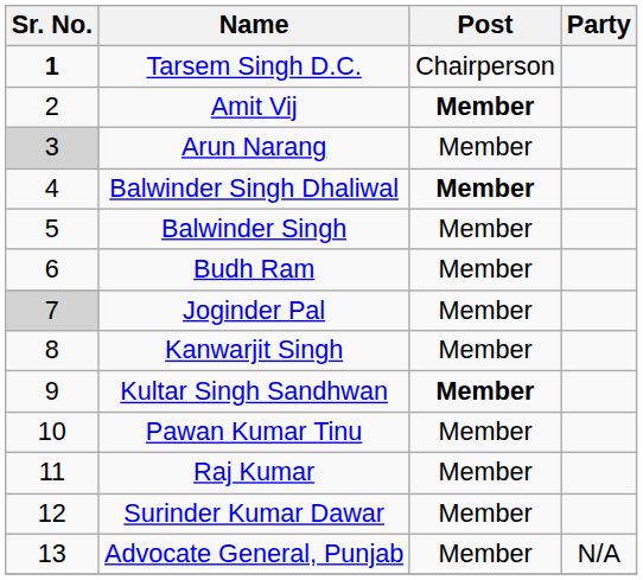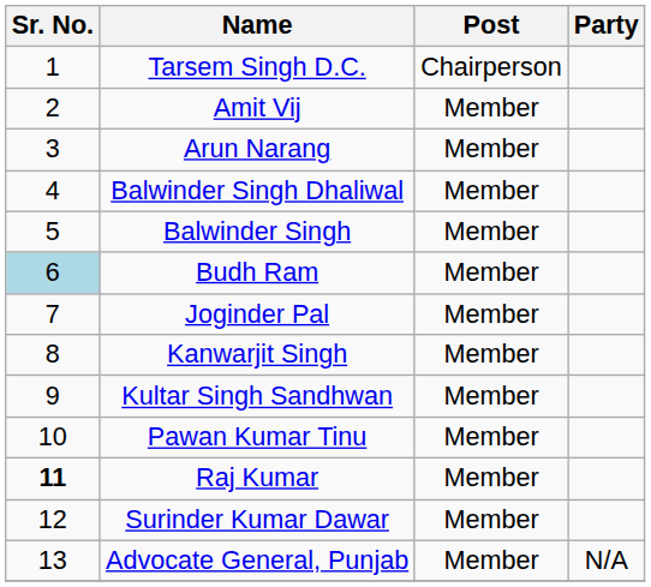 <table class="wikitable sortable">
 <tr>
 <th>Sr. No.</th>
 <th>Name</th>
 <th>Post</th>
 <th colspan="2">Party</th>
 </tr>
 <tr align="center">
-<td><strong>1</strong></td>
+<td>1</td>
 <td><a href='#'>Tarsem Singh D.C.</a></td>
 <td>Chairperson</td>
 <td></td>
 </tr>
 <tr align="center">
 <td>2</td>
 <td><a href='#'>Amit Vij</a></td>
-<td><strong>Member</strong></td>
+<td>Member</td>
 <td></td>
 </tr>
 <tr align="center">
-<td style="background: lightgrey;">3</td>
+<td>3</td>
 <td><a href='#'>Arun Narang</a></td>
 <td>Member</td>
 <td></td>
 </tr>
 <tr align="center">
 <td>4</td>
 <td><a href='#'>Balwinder Singh Dhaliwal</a></td>
-<td><strong>Member</strong></td>
+<td>Member</td>
 <td></td>
 </tr>
 <tr align="center">
 <td>5</td>
 <td><a href='#'>Balwinder Singh</a></td>
 <td>Member</td>
 <td></td>
 </tr>
 <tr align="center">
-<td>6</td>
+<td style="background: lightblue;">6</td>
 <td><a href='#'>Budh Ram</a></td>
 <td>Member</td>
 <td></td>
 </tr>
 <tr align="center">
-<td style="background: lightgrey;">7</td>
+<td>7</td>
 <td><a href='#'>Joginder Pal</a></td>
 <td>Member</td>
 <td></td>
 </tr>
 <tr align="center">
 <td>8</td>
 <td><a href='#'>Kanwarjit Singh</a></td>
 <td>Member</td>
 <td></td>
 </tr>
 <tr align="center">
 <td>9</td>
 <td><a href='#'>Kultar Singh Sandhwan</a></td>
-<td><strong>Member</strong></td>
+<td>Member</td>
 <td></td>
 </tr>
 <tr align="center">
 <td>10</td>
 <td><a href='#'>Pawan Kumar Tinu</a></td>
 <td>Member</td>
 <td></td>
 </tr>
 <tr align="center">
-<td>11</td>
+<td><strong>11</strong></td>
 <td><a href='#'>Raj Kumar</a></td>
 <td>Member</td>
 <td></td>
 </tr>
 <tr align="center">
 <td>12</td>
 <td><a href='#'>Surinder Kumar Dawar</a></td>
 <td>Member</td>
 <td></td>
 </tr>
 <tr align="center">
 <td>13</td>
 <td><a href='#'>Advocate General, Punjab</a></td>
 <td>Member</td>
 <td colspan=2>N/A</td>
 </tr>
 <tr align="center">
 </tr>
 </table>
